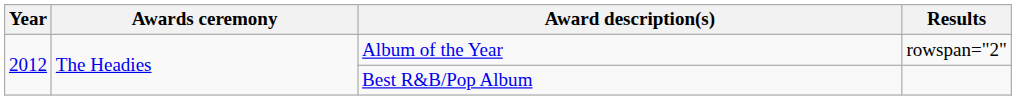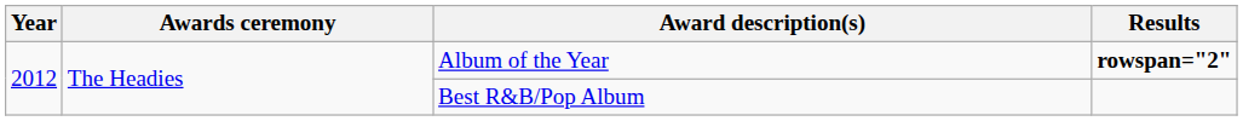 <table class="wikitable">
 <tr>
 <th>Year</th>
 <th width="250">Awards ceremony</th>
 <th width="450">Award description(s)</th>
 <th width="75">Results</th>
 </tr>
 <tr>
 <td rowspan="2"><a href='#'>2012</a></td>
 <td rowspan="2"><a href='#'>The Headies</a></td>
 <td><a href='#'>Album of the Year</a></td>
-<td>rowspan="2" </td>
+<td><strong>rowspan="2" </strong></td>
 </tr>
 <tr>
 <td><a href='#'>Best R&B/Pop Album</a></td>
 </tr>
 </table>
